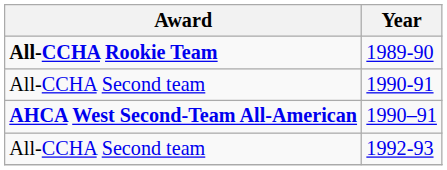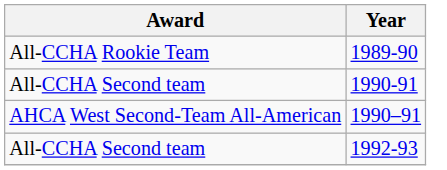 <table class="wikitable">
 <tr>
 <th>Award</th>
 <th>Year</th>
 </tr>
 <tr>
-<td><strong>All-<a href='#'>CCHA</a> <a href='#'>Rookie Team</a></strong></td>
+<td>All-<a href='#'>CCHA</a> <a href='#'>Rookie Team</a></td>
 <td><a href='#'>1989-90</a></td>
 </tr>
 <tr>
 <td>All-<a href='#'>CCHA</a> <a href='#'>Second team</a></td>
 <td><a href='#'>1990-91</a></td>
 </tr>
 <tr>
-<td><strong><a href='#'>AHCA</a> <a href='#'>West Second-Team All-American</a></strong></td>
+<td><a href='#'>AHCA</a> <a href='#'>West Second-Team All-American</a></td>
 <td><a href='#'>1990–91</a></td>
 </tr>
 <tr>
 <td>All-<a href='#'>CCHA</a> <a href='#'>Second team</a></td>
 <td><a href='#'>1992-93</a></td>
 </tr>
 <tr>
 </tr>
 </table>
